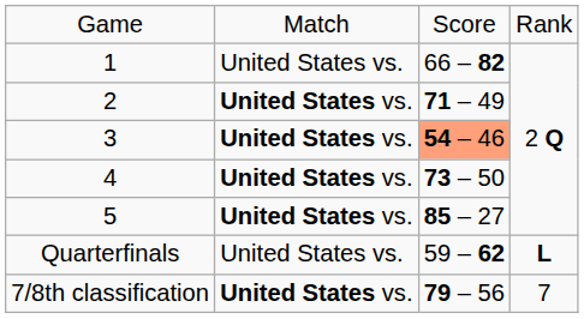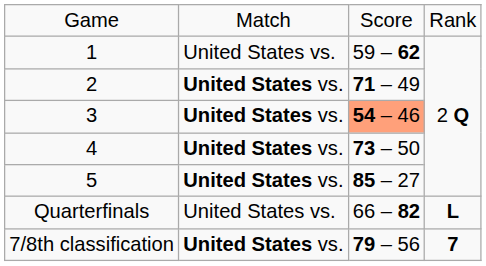 <table class="wikitable">
 <tr>
 <td style="text-align:center;">Game</td>
 <td style="text-align:center;">Match</td>
 <td style="text-align:center;">Score</td>
 <td style="text-align:center;">Rank</td>
 </tr>
 <tr>
 <td style="text-align:center;">1</td>
 <td>United States vs. <strong></strong></td>
-<td style="text-align:center;">66 – <strong>82</strong></td>
+<td style="text-align:center;">59 – <strong>62</strong></td>
 <td rowspan="5" style="text-align:center;">2 <strong>Q</strong></td>
 </tr>
 <tr>
 <td style="text-align:center;">2</td>
 <td><strong>United States</strong> vs. </td>
 <td style="text-align:center;"><strong>71</strong> – 49</td>
 </tr>
 <tr>
 <td style="text-align:center;">3</td>
 <td><strong>United States</strong> vs. </td>
 <td style="background: lightsalmon; text-align:center;"><strong>54</strong> – 46</td>
 </tr>
 <tr>
 <td style="text-align:center;">4</td>
 <td><strong>United States</strong> vs. </td>
 <td style="text-align:center;"><strong>73</strong> – 50</td>
 </tr>
 <tr>
 <td style="text-align:center;">5</td>
 <td><strong>United States</strong> vs. </td>
 <td style="text-align:center;"><strong>85</strong> – 27</td>
 </tr>
 <tr>
 <td style="text-align:center;">Quarterfinals</td>
 <td>United States vs. <strong></strong></td>
-<td style="text-align:center;">59 – <strong>62</strong></td>
+<td style="text-align:center;">66 – <strong>82</strong></td>
 <td style="text-align:center;"><strong>L</strong></td>
 </tr>
 <tr>
 <td style="text-align:center;">7/8th classification</td>
 <td><strong>United States</strong> vs. </td>
 <td style="text-align:center;"><strong>79</strong> – 56</td>
-<td style="text-align:center;">7</td>
+<td style="text-align:center;"><strong>7</strong></td>
 </tr>
 </table>
